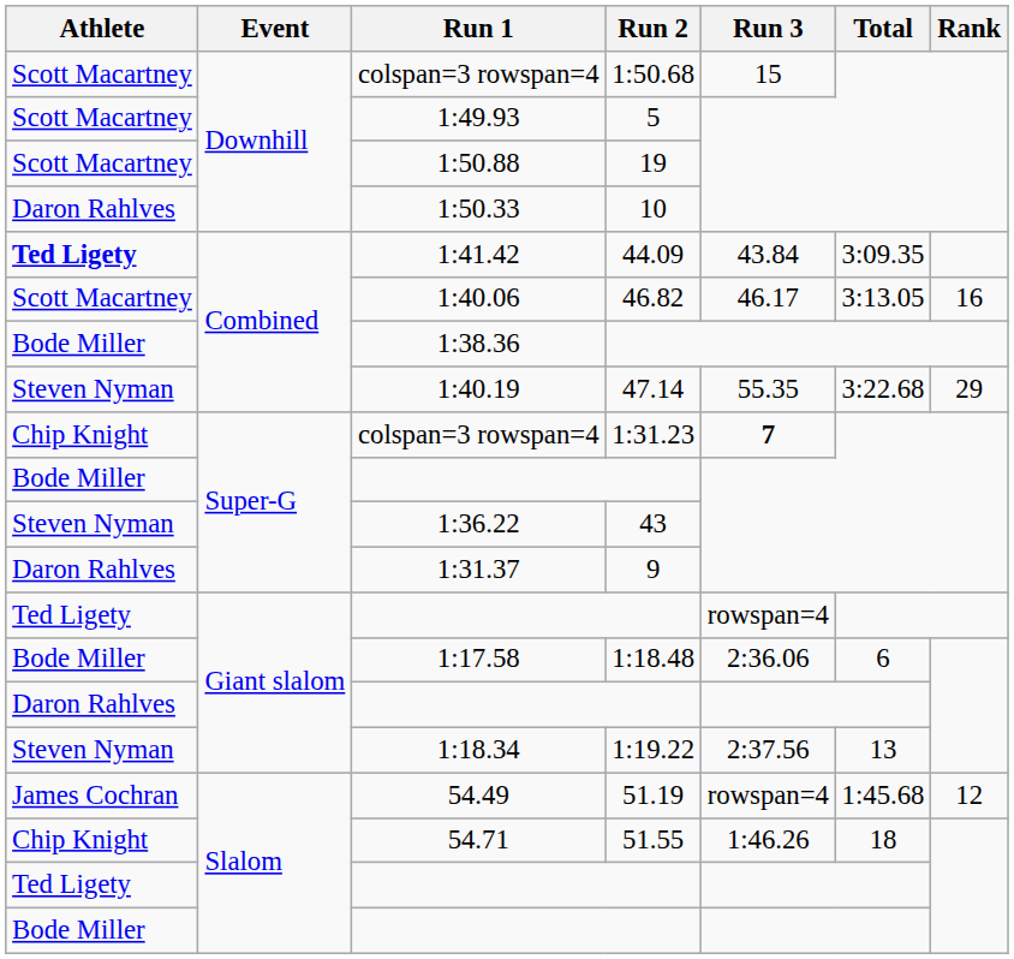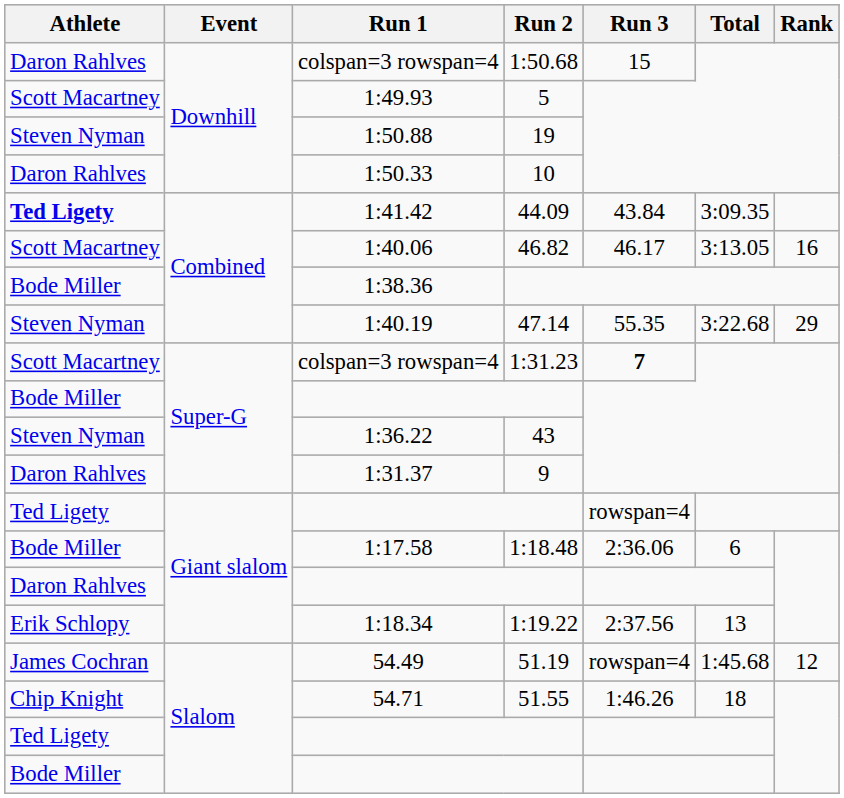 <table class=wikitable style=font-size:90%;text-align:center>
 <tr>
 <th>Athlete</th>
 <th>Event</th>
 <th>Run 1</th>
 <th>Run 2</th>
 <th>Run 3</th>
 <th>Total</th>
 <th>Rank</th>
 </tr>
 <tr>
-<td align=left><a href='#'>Scott Macartney</a></td>
+<td align=left><a href='#'>Daron Rahlves</a></td>
 <td align=left rowspan=4><a href='#'>Downhill</a></td>
 <td>colspan=3 rowspan=4 </td>
 <td>1:50.68</td>
 <td>15</td>
 </tr>
 <tr>
 <td align=left><a href='#'>Scott Macartney</a></td>
 <td>1:49.93</td>
 <td>5</td>
 </tr>
 <tr>
-<td align=left><a href='#'>Scott Macartney</a></td>
+<td align=left><a href='#'>Steven Nyman</a></td>
 <td>1:50.88</td>
 <td>19</td>
 </tr>
 <tr>
 <td align=left><a href='#'>Daron Rahlves</a></td>
 <td>1:50.33</td>
 <td>10</td>
 </tr>
 <tr>
 <td align=left><strong><a href='#'>Ted Ligety</a></strong></td>
 <td align=left rowspan=4><a href='#'>Combined</a></td>
 <td>1:41.42</td>
 <td>44.09</td>
 <td>43.84</td>
 <td>3:09.35</td>
 <td></td>
 </tr>
 <tr>
 <td align=left><a href='#'>Scott Macartney</a></td>
 <td>1:40.06</td>
 <td>46.82</td>
 <td>46.17</td>
 <td>3:13.05</td>
 <td>16</td>
 </tr>
 <tr>
 <td align=left><a href='#'>Bode Miller</a></td>
 <td>1:38.36</td>
 <td colspan=5></td>
 </tr>
 <tr>
 <td align=left><a href='#'>Steven Nyman</a></td>
 <td>1:40.19</td>
 <td>47.14</td>
 <td>55.35</td>
 <td>3:22.68</td>
 <td>29</td>
 </tr>
 <tr>
-<td align=left><a href='#'>Chip Knight</a></td>
+<td align=left><a href='#'>Scott Macartney</a></td>
 <td align=left rowspan=4><a href='#'>Super-G</a></td>
 <td>colspan=3 rowspan=4 </td>
 <td>1:31.23</td>
 <td><strong>7</strong></td>
 </tr>
 <tr>
 <td align=left><a href='#'>Bode Miller</a></td>
 <td colspan=2></td>
 </tr>
 <tr>
 <td align=left><a href='#'>Steven Nyman</a></td>
 <td>1:36.22</td>
 <td>43</td>
 </tr>
 <tr>
 <td align=left><a href='#'>Daron Rahlves</a></td>
 <td>1:31.37</td>
 <td>9</td>
 </tr>
 <tr>
 <td align=left><a href='#'>Ted Ligety</a></td>
 <td align=left rowspan=4><a href='#'>Giant slalom</a></td>
 <td colspan=2></td>
 <td>rowspan=4 </td>
 <td colspan=2></td>
 </tr>
 <tr>
 <td align=left><a href='#'>Bode Miller</a></td>
 <td>1:17.58</td>
 <td>1:18.48</td>
 <td>2:36.06</td>
 <td>6</td>
 </tr>
 <tr>
 <td align=left><a href='#'>Daron Rahlves</a></td>
 <td colspan=2></td>
 <td colspan=2></td>
 </tr>
 <tr>
-<td align=left><a href='#'>Steven Nyman</a></td>
+<td align=left><a href='#'>Erik Schlopy</a></td>
 <td>1:18.34</td>
 <td>1:19.22</td>
 <td>2:37.56</td>
 <td>13</td>
 </tr>
 <tr>
 <td align=left><a href='#'>James Cochran</a></td>
 <td align=left rowspan=4><a href='#'>Slalom</a></td>
 <td>54.49</td>
 <td>51.19</td>
 <td>rowspan=4 </td>
 <td>1:45.68</td>
 <td>12</td>
 </tr>
 <tr>
 <td align=left><a href='#'>Chip Knight</a></td>
 <td>54.71</td>
 <td>51.55</td>
 <td>1:46.26</td>
 <td>18</td>
 </tr>
 <tr>
 <td align=left><a href='#'>Ted Ligety</a></td>
 <td colspan=2></td>
 <td colspan=2></td>
 </tr>
 <tr>
 <td align=left><a href='#'>Bode Miller</a></td>
 <td colspan=2></td>
 <td colspan=2></td>
 </tr>
 </table>
